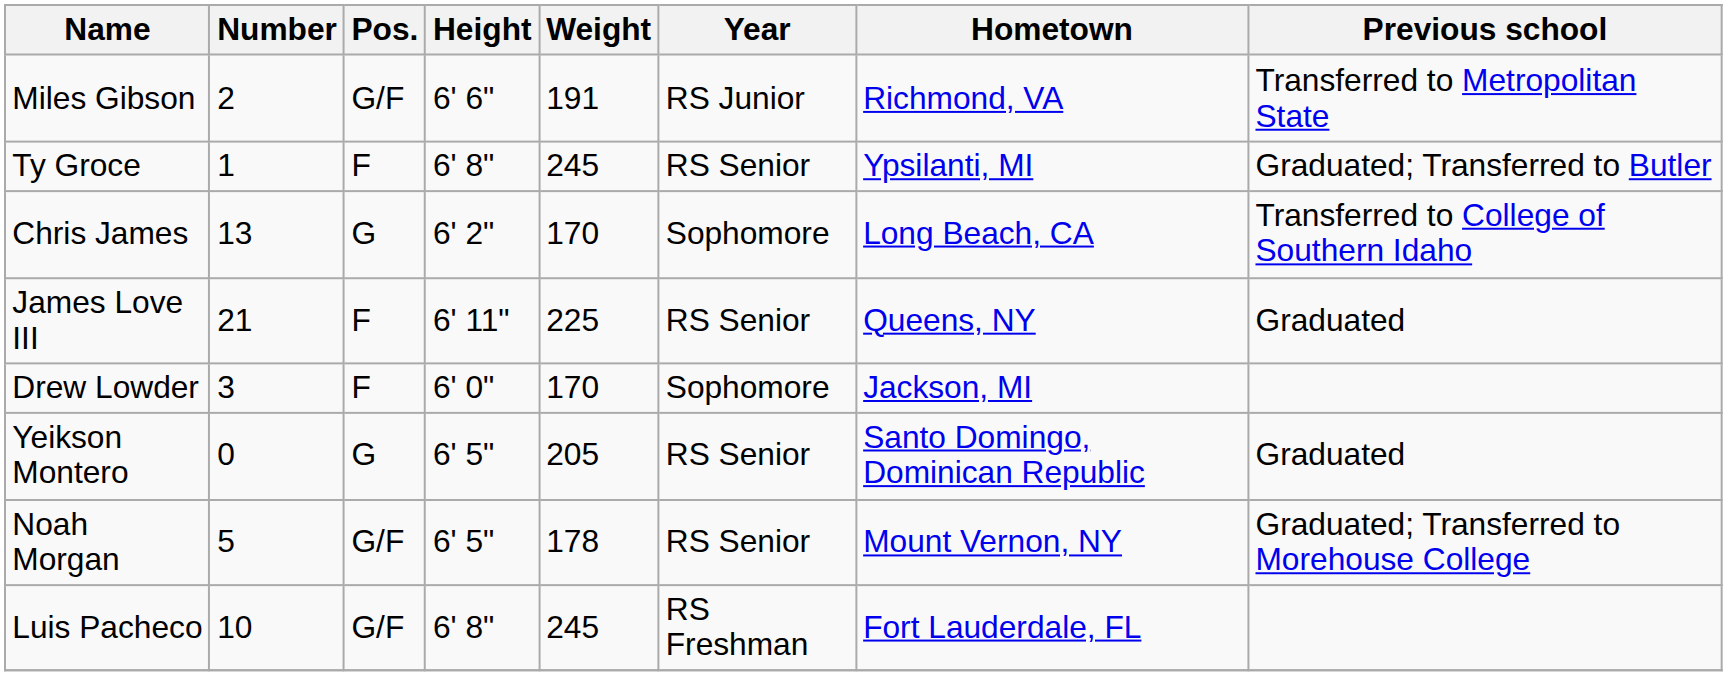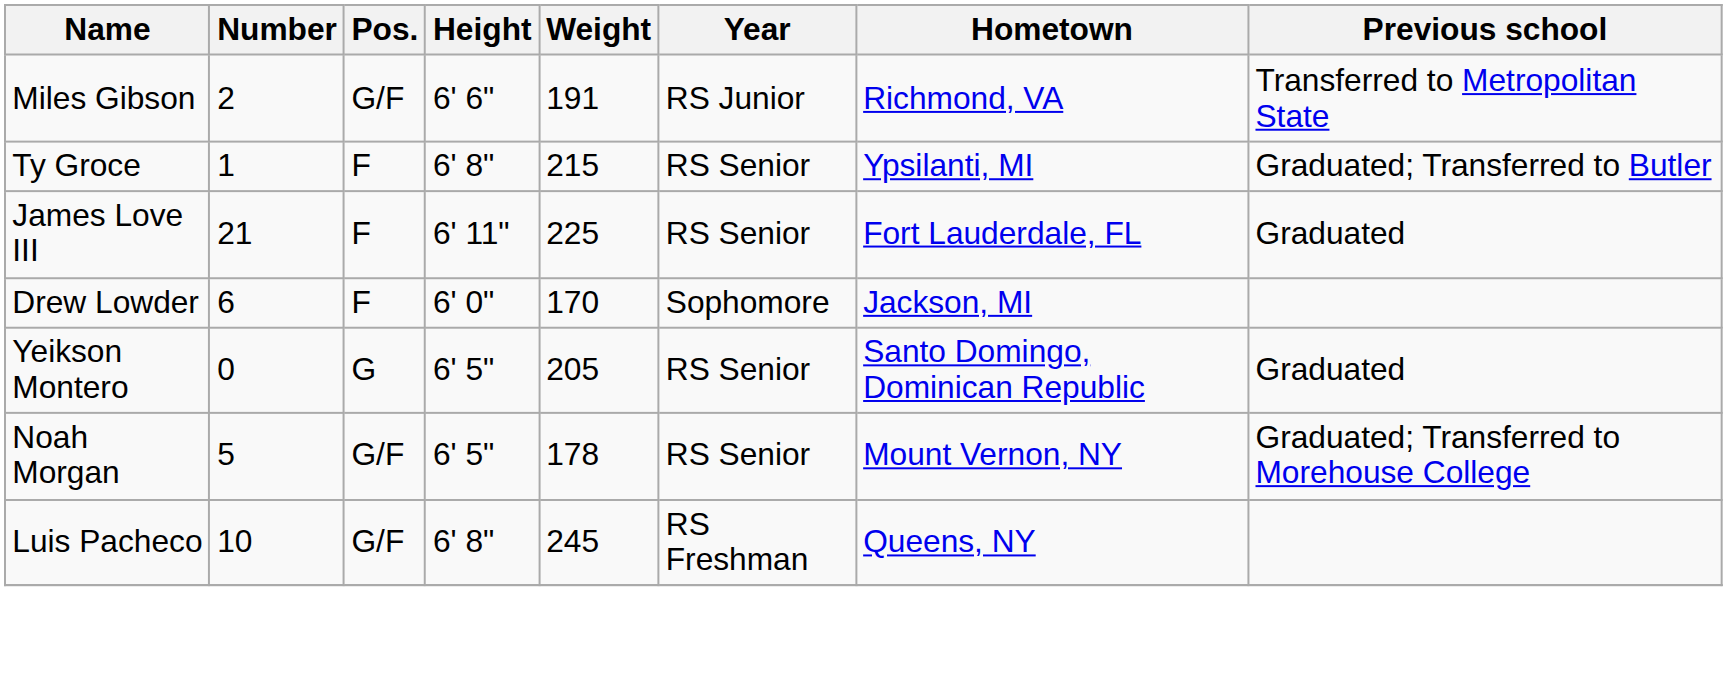 <table class="wikitable sortable sortable" border="1">
 <tr align=center>
 <th style="background:#">Name</th>
 <th style="background:#">Number</th>
 <th style="background:#">Pos.</th>
 <th style="background:#">Height</th>
 <th style="background:#">Weight</th>
 <th style="background:#">Year</th>
 <th style="background:#">Hometown</th>
 <th style="background:#">Previous school</th>
 </tr>
 <tr>
 <td>Miles Gibson</td>
 <td>2</td>
 <td>G/F</td>
 <td>6' 6"</td>
 <td>191</td>
 <td>RS Junior</td>
 <td><a href='#'>Richmond, VA</a></td>
 <td>Transferred to <a href='#'>Metropolitan State</a></td>
 </tr>
 <tr>
 <td>Ty Groce</td>
 <td>1</td>
 <td>F</td>
 <td>6' 8"</td>
-<td>245</td>
+<td>215</td>
 <td>RS Senior</td>
 <td><a href='#'>Ypsilanti, MI</a></td>
 <td>Graduated; Transferred to <a href='#'>Butler</a></td>
-</tr>
-<tr>
-<td>Chris James</td>
-<td>13</td>
-<td>G</td>
-<td>6' 2"</td>
-<td>170</td>
-<td>Sophomore</td>
-<td><a href='#'>Long Beach, CA</a></td>
-<td>Transferred to <a href='#'>College of Southern Idaho</a></td>
 </tr>
 <tr>
 <td>James Love III</td>
 <td>21</td>
 <td>F</td>
 <td>6' 11"</td>
 <td>225</td>
 <td>RS Senior</td>
-<td><a href='#'>Queens, NY</a></td>
+<td><a href='#'>Fort Lauderdale, FL</a></td>
 <td>Graduated</td>
 </tr>
 <tr>
 <td>Drew Lowder</td>
-<td>3</td>
+<td>6</td>
 <td>F</td>
 <td>6' 0"</td>
 <td>170</td>
 <td>Sophomore</td>
 <td><a href='#'>Jackson, MI</a></td>
 <td></td>
 </tr>
 <tr>
 <td>Yeikson Montero</td>
 <td>0</td>
 <td>G</td>
 <td>6' 5"</td>
 <td>205</td>
 <td>RS Senior</td>
 <td><a href='#'>Santo Domingo, Dominican Republic</a></td>
 <td>Graduated</td>
 </tr>
 <tr>
 <td>Noah Morgan</td>
 <td>5</td>
 <td>G/F</td>
 <td>6' 5"</td>
 <td>178</td>
 <td>RS Senior</td>
 <td><a href='#'>Mount Vernon, NY</a></td>
 <td>Graduated; Transferred to <a href='#'>Morehouse College</a></td>
 </tr>
 <tr>
 <td>Luis Pacheco</td>
 <td>10</td>
 <td>G/F</td>
 <td>6' 8"</td>
 <td>245</td>
 <td>RS Freshman</td>
-<td><a href='#'>Fort Lauderdale, FL</a></td>
+<td><a href='#'>Queens, NY</a></td>
 <td></td>
 </tr>
 <tr>
 </tr>
 </table>
